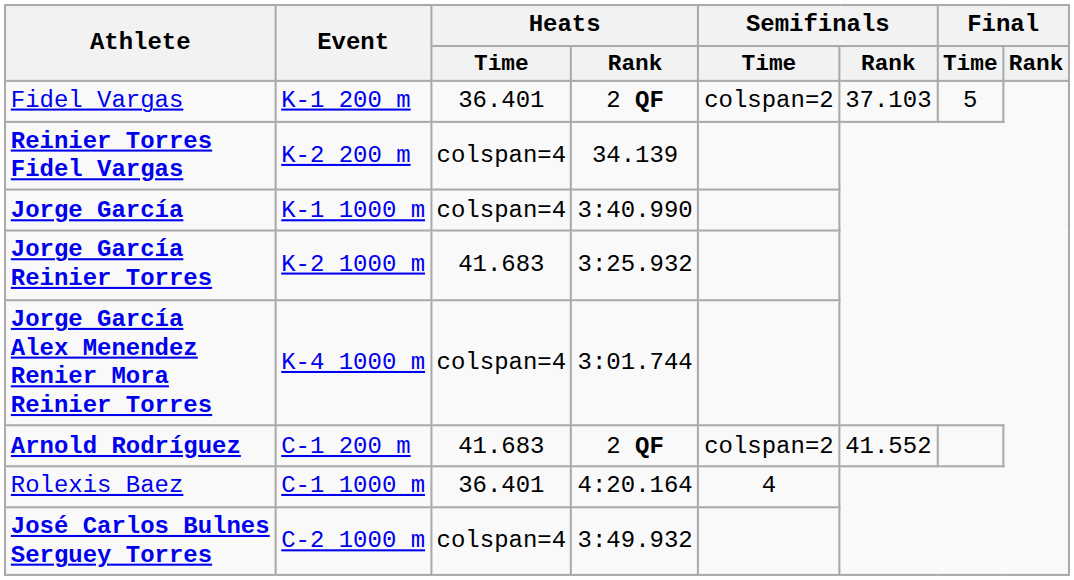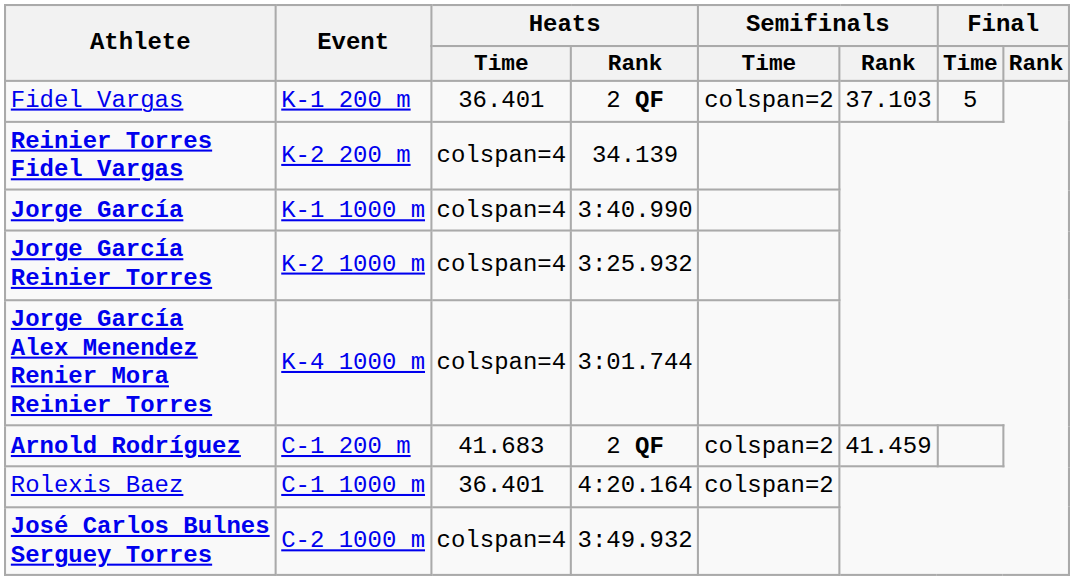 <table class=wikitable style="font-size:90%;">
 <tr>
 <th rowspan="2">Athlete</th>
 <th rowspan="2">Event</th>
 <th colspan=2>Heats</th>
 <th colspan=2>Semifinals</th>
 <th colspan=2>Final</th>
 </tr>
 <tr style="font-size:95%">
 <th>Time</th>
 <th>Rank</th>
 <th>Time</th>
 <th>Rank</th>
 <th>Time</th>
 <th>Rank</th>
 </tr>
 <tr align=center>
 <td align=left><a href='#'>Fidel Vargas</a></td>
 <td align=left><a href='#'>K-1 200 m</a></td>
 <td>36.401</td>
 <td>2 <strong>QF</strong></td>
 <td>colspan=2 </td>
 <td>37.103</td>
 <td>5</td>
 </tr>
 <tr align=center>
 <td align=left><strong><a href='#'>Reinier Torres</a><br><a href='#'>Fidel Vargas</a></strong></td>
 <td align=left><a href='#'>K-2 200 m</a></td>
 <td>colspan=4 </td>
 <td>34.139</td>
 <td></td>
 </tr>
 <tr align=center>
 <td align=left><strong><a href='#'>Jorge García</a></strong></td>
 <td align=left><a href='#'>K-1 1000 m</a></td>
 <td>colspan=4 </td>
 <td>3:40.990</td>
 <td></td>
 </tr>
 <tr align=center>
 <td align=left><strong><a href='#'>Jorge García</a><br><a href='#'>Reinier Torres</a></strong></td>
 <td align=left><a href='#'>K-2 1000 m</a></td>
-<td>41.683</td>
+<td>colspan=4 </td>
 <td>3:25.932</td>
 <td></td>
 </tr>
 <tr align=center>
 <td align=left><strong><a href='#'>Jorge García</a><br><a href='#'>Alex Menendez</a><br><a href='#'>Renier Mora</a><br><a href='#'>Reinier Torres</a></strong></td>
 <td align=left><a href='#'>K-4 1000 m</a></td>
 <td>colspan=4 </td>
 <td>3:01.744</td>
 <td></td>
 </tr>
 <tr align=center>
 <td align=left><strong><a href='#'>Arnold Rodríguez</a></strong></td>
 <td align=left><a href='#'>C-1 200 m</a></td>
 <td>41.683</td>
 <td>2 <strong>QF</strong></td>
 <td>colspan=2 </td>
-<td>41.552</td>
+<td>41.459</td>
 <td></td>
 </tr>
 <tr align=center>
 <td align=left><a href='#'>Rolexis Baez</a></td>
 <td align=left><a href='#'>C-1 1000 m</a></td>
 <td>36.401</td>
 <td>4:20.164</td>
-<td>4</td>
+<td>colspan=2 </td>
 </tr>
 <tr align=center>
 <td align=left><strong><a href='#'>José Carlos Bulnes</a><br><a href='#'>Serguey Torres</a></strong></td>
 <td align=left><a href='#'>C-2 1000 m</a></td>
 <td>colspan=4 </td>
 <td>3:49.932</td>
 <td></td>
 </tr>
 </table>
